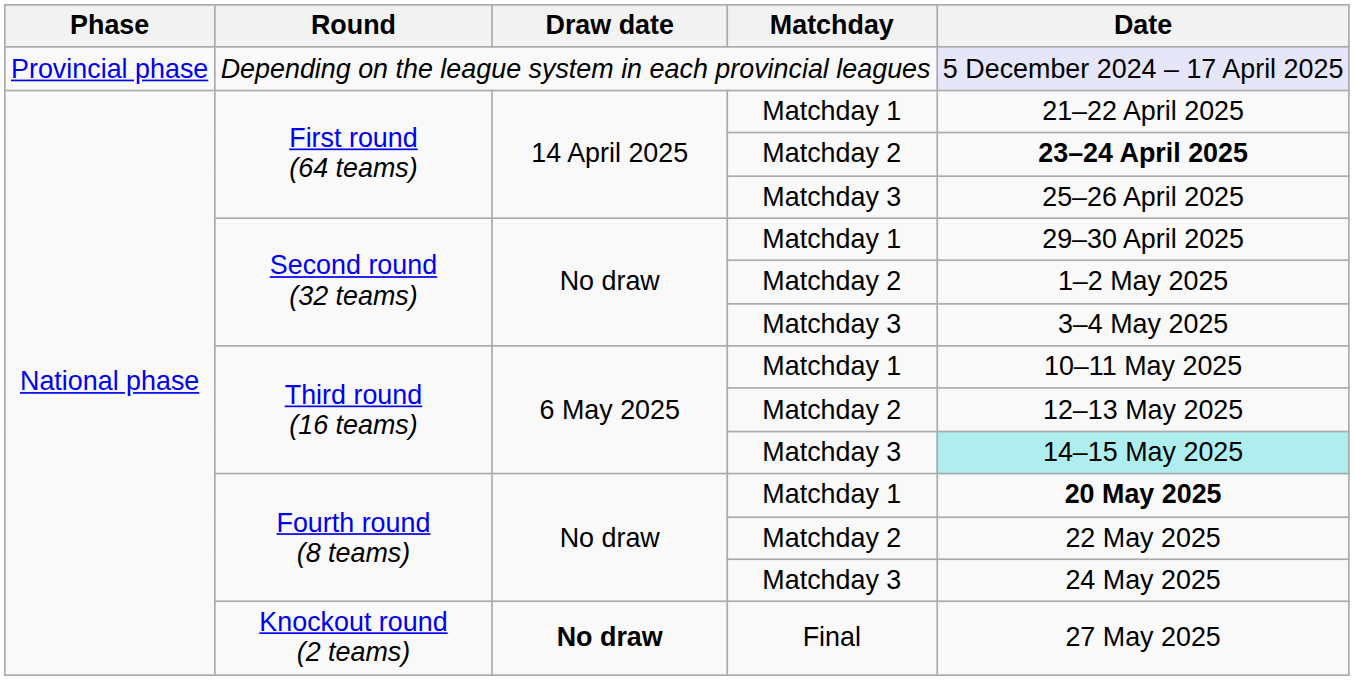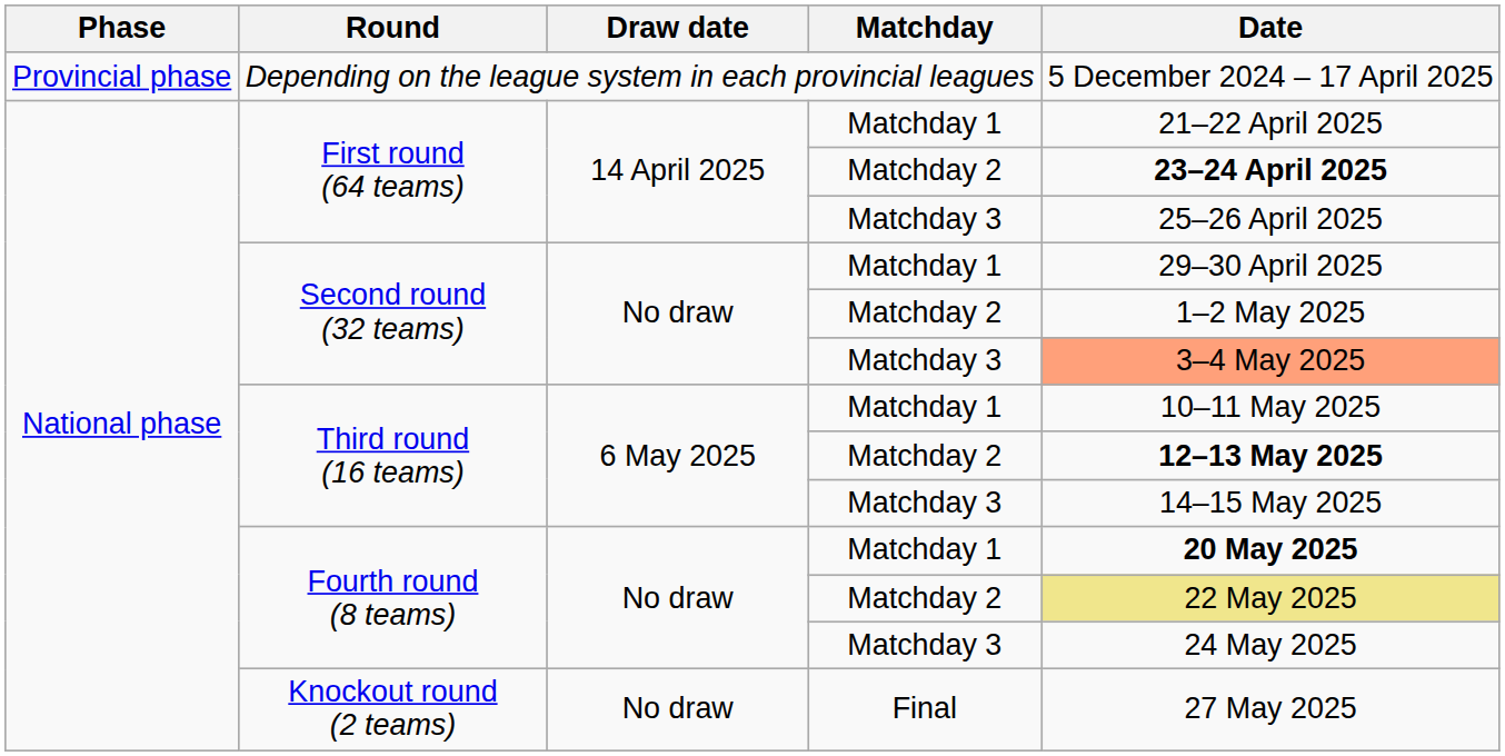 <table class="wikitable" style="text-align:center">
 <tr>
 <th>Phase</th>
 <th>Round</th>
 <th>Draw date</th>
 <th>Matchday</th>
 <th>Date</th>
 </tr>
 <tr>
 <td><a href='#'>Provincial phase</a></td>
 <td colspan="3"><em>Depending on the league system in each provincial leagues</em></td>
-<td style="background: lavender;">5 December 2024 – 17 April 2025</td>
+<td>5 December 2024 – 17 April 2025</td>
 </tr>
 <tr>
 <td rowspan="13"><a href='#'>National phase</a></td>
 <td rowspan="3"><a href='#'>First round</a><br><em>(64 teams)</em></td>
 <td rowspan="3">14 April 2025</td>
 <td>Matchday 1</td>
 <td>21–22 April 2025</td>
 </tr>
 <tr>
 <td>Matchday 2</td>
 <td><strong>23–24 April 2025</strong></td>
 </tr>
 <tr>
 <td>Matchday 3</td>
 <td>25–26 April 2025</td>
 </tr>
 <tr>
 <td rowspan="3"><a href='#'>Second round</a><br><em>(32 teams)</em></td>
 <td rowspan="3">No draw</td>
 <td>Matchday 1</td>
 <td>29–30 April 2025</td>
 </tr>
 <tr>
 <td>Matchday 2</td>
 <td>1–2 May 2025</td>
 </tr>
 <tr>
 <td>Matchday 3</td>
-<td>3–4 May 2025</td>
+<td style="background: lightsalmon;">3–4 May 2025</td>
 </tr>
 <tr>
 <td rowspan="3"><a href='#'>Third round</a><br><em>(16 teams)</em></td>
 <td rowspan="3">6 May 2025</td>
 <td>Matchday 1</td>
 <td>10–11 May 2025</td>
 </tr>
 <tr>
 <td>Matchday 2</td>
-<td>12–13 May 2025</td>
+<td><strong>12–13 May 2025</strong></td>
 </tr>
 <tr>
 <td>Matchday 3</td>
-<td style="background: paleturquoise;">14–15 May 2025</td>
+<td>14–15 May 2025</td>
 </tr>
 <tr>
 <td rowspan="3"><a href='#'>Fourth round</a><br><em>(8 teams)</em></td>
 <td rowspan="3">No draw</td>
 <td>Matchday 1</td>
 <td><strong>20 May 2025</strong></td>
 </tr>
 <tr>
 <td>Matchday 2</td>
-<td>22 May 2025</td>
+<td style="background: khaki;">22 May 2025</td>
 </tr>
 <tr>
 <td>Matchday 3</td>
 <td>24 May 2025</td>
 </tr>
 <tr>
 <td><a href='#'>Knockout round</a><br><em>(2 teams)</em></td>
-<td><strong>No draw</strong></td>
+<td>No draw</td>
 <td>Final</td>
 <td>27 May 2025</td>
 </tr>
 </table>
